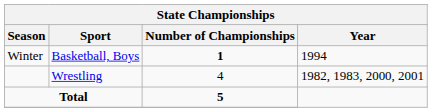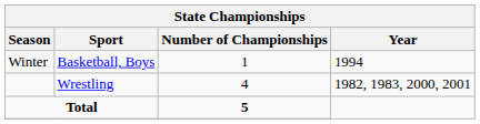 <table class="wikitable">
 <tr>
 <th colspan="4">State Championships</th>
 </tr>
 <tr>
 <th>Season</th>
 <th>Sport</th>
 <th>Number of Championships</th>
 <th>Year</th>
 </tr>
 <tr>
 <td rowspan="1">Winter</td>
 <td><a href='#'>Basketball, Boys</a></td>
-<td align="center"><strong>1</strong></td>
+<td align="center">1</td>
 <td>1994</td>
 </tr>
 <tr>
 <td></td>
 <td><a href='#'>Wrestling</a></td>
 <td align="center">4</td>
 <td>1982, 1983, 2000, 2001</td>
 </tr>
 <tr>
 <td align="center" colspan="2"><strong>Total</strong></td>
 <td align="center"><strong>5</strong></td>
 </tr>
 <tr>
 </tr>
 </table>
